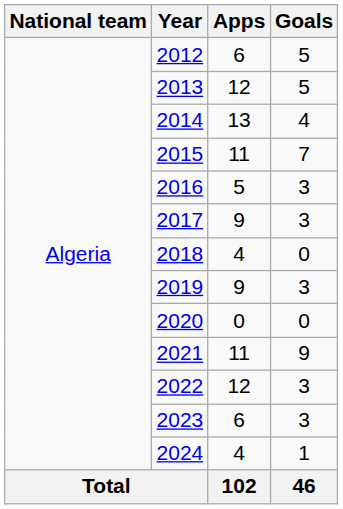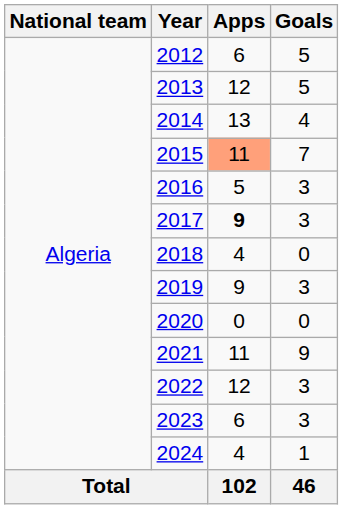 <table class="wikitable" style="text-align:center">
 <tr>
 <th>National team</th>
 <th>Year</th>
 <th>Apps</th>
 <th>Goals</th>
 </tr>
 <tr>
 <td rowspan="13"><a href='#'>Algeria</a></td>
 <td><a href='#'>2012</a></td>
 <td>6</td>
 <td>5</td>
 </tr>
 <tr>
 <td><a href='#'>2013</a></td>
 <td>12</td>
 <td>5</td>
 </tr>
 <tr>
 <td><a href='#'>2014</a></td>
 <td>13</td>
 <td>4</td>
 </tr>
 <tr>
 <td><a href='#'>2015</a></td>
-<td>11</td>
+<td style="background: lightsalmon;">11</td>
 <td>7</td>
 </tr>
 <tr>
 <td><a href='#'>2016</a></td>
 <td>5</td>
 <td>3</td>
 </tr>
 <tr>
 <td><a href='#'>2017</a></td>
-<td>9</td>
+<td><strong>9</strong></td>
 <td>3</td>
 </tr>
 <tr>
 <td><a href='#'>2018</a></td>
 <td>4</td>
 <td>0</td>
 </tr>
 <tr>
 <td><a href='#'>2019</a></td>
 <td>9</td>
 <td>3</td>
 </tr>
 <tr>
 <td><a href='#'>2020</a></td>
 <td>0</td>
 <td>0</td>
 </tr>
 <tr>
 <td><a href='#'>2021</a></td>
 <td>11</td>
 <td>9</td>
 </tr>
 <tr>
 <td><a href='#'>2022</a></td>
 <td>12</td>
 <td>3</td>
 </tr>
 <tr>
 <td><a href='#'>2023</a></td>
 <td>6</td>
 <td>3</td>
 </tr>
 <tr>
 <td><a href='#'>2024</a></td>
 <td>4</td>
 <td>1</td>
 </tr>
 <tr>
 <th colspan="2">Total</th>
 <th>102</th>
 <th>46</th>
 </tr>
 </table>
